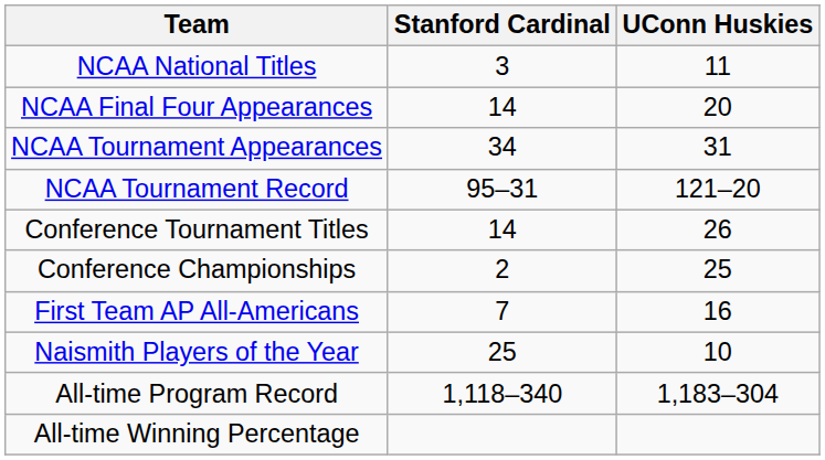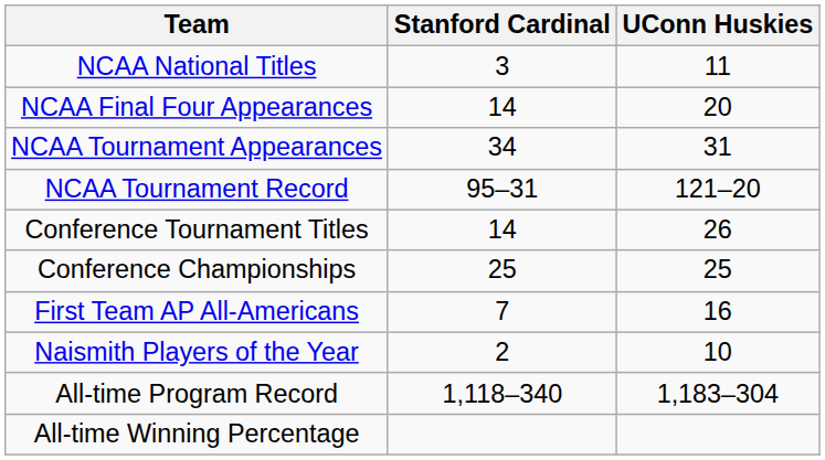 <table class="wikitable" style="text-align:center;">
 <tr>
 <th>Team</th>
 <th>Stanford Cardinal</th>
 <th>UConn Huskies</th>
 </tr>
 <tr>
 <td><a href='#'>NCAA National Titles</a></td>
 <td>3</td>
 <td>11</td>
 </tr>
 <tr>
 <td><a href='#'>NCAA Final Four Appearances</a></td>
 <td>14</td>
 <td>20</td>
 </tr>
 <tr>
 <td><a href='#'>NCAA Tournament Appearances</a></td>
 <td>34</td>
 <td>31</td>
 </tr>
 <tr>
 <td><a href='#'>NCAA Tournament Record</a></td>
 <td>95–31</td>
 <td>121–20</td>
 </tr>
 <tr>
 <td>Conference Tournament Titles</td>
 <td>14</td>
 <td>26</td>
 </tr>
 <tr>
 <td>Conference Championships</td>
-<td>2</td>
+<td>25</td>
 <td>25</td>
 </tr>
 <tr>
 <td><a href='#'>First Team AP All-Americans</a></td>
 <td>7</td>
 <td>16</td>
 </tr>
 <tr>
 <td><a href='#'>Naismith Players of the Year</a></td>
-<td>25</td>
+<td>2</td>
 <td>10</td>
 </tr>
 <tr>
 <td>All-time Program Record</td>
 <td>1,118–340</td>
 <td>1,183–304</td>
 </tr>
 <tr>
 <td>All-time Winning Percentage</td>
 <td></td>
 <td></td>
 </tr>
 </table>
